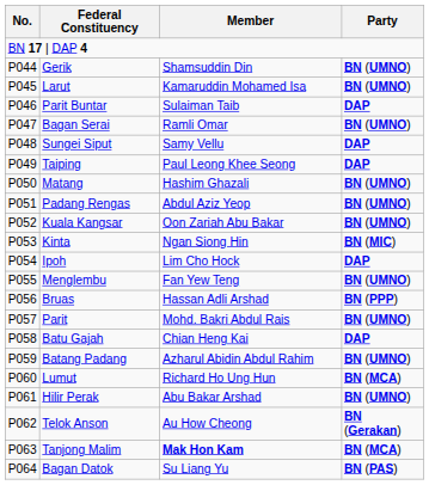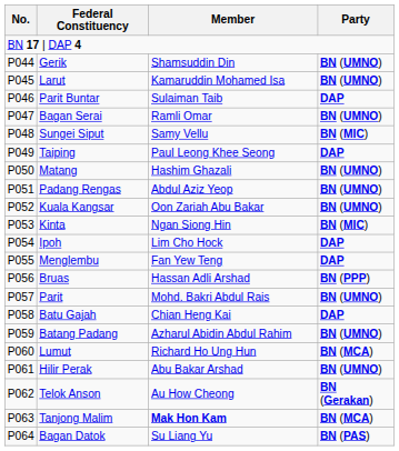 <table class="wikitable sortable">
 <tr>
 <th style="width:30px;">No.</th>
 <th style="width:150px;">Federal Constituency</th>
 <th style="width:230px;">Member</th>
 <th style="width:100px;">Party</th>
 </tr>
 <tr>
 <td colspan="4"><a href='#'>BN</a> <strong>17</strong> | <a href='#'>DAP</a> <strong>4</strong></td>
 </tr>
 <tr>
 <td>P044</td>
 <td><a href='#'>Gerik</a></td>
 <td><a href='#'>Shamsuddin Din</a></td>
 <td><strong><a href='#'>BN</a></strong> (<strong><a href='#'>UMNO</a></strong>)</td>
 </tr>
 <tr>
 <td>P045</td>
 <td><a href='#'>Larut</a></td>
 <td><a href='#'>Kamaruddin Mohamed Isa</a></td>
 <td><strong><a href='#'>BN</a></strong> (<strong><a href='#'>UMNO</a></strong>)</td>
 </tr>
 <tr>
 <td>P046</td>
 <td><a href='#'>Parit Buntar</a></td>
 <td><a href='#'>Sulaiman Taib</a></td>
 <td><strong><a href='#'>DAP</a></strong></td>
 </tr>
 <tr>
 <td>P047</td>
 <td><a href='#'>Bagan Serai</a></td>
 <td><a href='#'>Ramli Omar</a></td>
 <td><strong><a href='#'>BN</a></strong> (<strong><a href='#'>UMNO</a></strong>)</td>
 </tr>
 <tr>
 <td>P048</td>
 <td><a href='#'>Sungei Siput</a></td>
 <td><a href='#'>Samy Vellu</a></td>
-<td><strong><a href='#'>DAP</a></strong></td>
+<td><strong><a href='#'>BN</a></strong> (<strong><a href='#'>MIC</a></strong>)</td>
 </tr>
 <tr>
 <td>P049</td>
 <td><a href='#'>Taiping</a></td>
 <td><a href='#'>Paul Leong Khee Seong</a></td>
 <td><strong><a href='#'>DAP</a></strong></td>
 </tr>
 <tr>
 <td>P050</td>
 <td><a href='#'>Matang</a></td>
 <td><a href='#'>Hashim Ghazali</a></td>
 <td><strong><a href='#'>BN</a></strong> (<strong><a href='#'>UMNO</a></strong>)</td>
 </tr>
 <tr>
 <td>P051</td>
 <td><a href='#'>Padang Rengas</a></td>
 <td><a href='#'>Abdul Aziz Yeop</a></td>
 <td><strong><a href='#'>BN</a></strong> (<strong><a href='#'>UMNO</a></strong>)</td>
 </tr>
 <tr>
 <td>P052</td>
 <td><a href='#'>Kuala Kangsar</a></td>
 <td><a href='#'>Oon Zariah Abu Bakar</a></td>
 <td><strong><a href='#'>BN</a></strong> (<strong><a href='#'>UMNO</a></strong>)</td>
 </tr>
 <tr>
 <td>P053</td>
 <td><a href='#'>Kinta</a></td>
 <td><a href='#'>Ngan Siong Hin</a></td>
 <td><strong><a href='#'>BN</a></strong> (<strong><a href='#'>MIC</a></strong>)</td>
 </tr>
 <tr>
 <td>P054</td>
 <td><a href='#'>Ipoh</a></td>
 <td><a href='#'>Lim Cho Hock</a></td>
 <td><strong><a href='#'>DAP</a></strong></td>
 </tr>
 <tr>
 <td>P055</td>
 <td><a href='#'>Menglembu</a></td>
 <td><a href='#'>Fan Yew Teng</a></td>
-<td><strong><a href='#'>BN</a></strong> (<strong><a href='#'>UMNO</a></strong>)</td>
+<td><strong><a href='#'>DAP</a></strong></td>
 </tr>
 <tr>
 <td>P056</td>
 <td><a href='#'>Bruas</a></td>
 <td><a href='#'>Hassan Adli Arshad</a></td>
 <td><strong><a href='#'>BN</a></strong> (<strong><a href='#'>PPP</a></strong>)</td>
 </tr>
 <tr>
 <td>P057</td>
 <td><a href='#'>Parit</a></td>
 <td><a href='#'>Mohd. Bakri Abdul Rais</a></td>
 <td><strong><a href='#'>BN</a></strong> (<strong><a href='#'>UMNO</a></strong>)</td>
 </tr>
 <tr>
 <td>P058</td>
 <td><a href='#'>Batu Gajah</a></td>
 <td><a href='#'>Chian Heng Kai</a></td>
 <td><strong><a href='#'>DAP</a></strong></td>
 </tr>
 <tr>
 <td>P059</td>
 <td><a href='#'>Batang Padang</a></td>
 <td><a href='#'>Azharul Abidin Abdul Rahim</a></td>
 <td><strong><a href='#'>BN</a></strong> (<strong><a href='#'>UMNO</a></strong>)</td>
 </tr>
 <tr>
 <td>P060</td>
 <td><a href='#'>Lumut</a></td>
 <td><a href='#'>Richard Ho Ung Hun</a></td>
 <td><strong><a href='#'>BN</a></strong> (<strong><a href='#'>MCA</a></strong>)</td>
 </tr>
 <tr>
 <td>P061</td>
 <td><a href='#'>Hilir Perak</a></td>
 <td><a href='#'>Abu Bakar Arshad</a></td>
 <td><strong><a href='#'>BN</a></strong> (<strong><a href='#'>UMNO</a></strong>)</td>
 </tr>
 <tr>
 <td>P062</td>
 <td><a href='#'>Telok Anson</a></td>
 <td><a href='#'>Au How Cheong</a></td>
 <td><strong><a href='#'>BN</a></strong> (<strong><a href='#'>Gerakan</a></strong>)</td>
 </tr>
 <tr>
 <td>P063</td>
 <td><a href='#'>Tanjong Malim</a></td>
 <td><strong><a href='#'>Mak Hon Kam</a></strong></td>
 <td><strong><a href='#'>BN</a></strong> (<strong><a href='#'>MCA</a></strong>)</td>
 </tr>
 <tr>
 <td>P064</td>
 <td><a href='#'>Bagan Datok</a></td>
 <td><a href='#'>Su Liang Yu</a></td>
 <td><strong><a href='#'>BN</a></strong> (<strong><a href='#'>PAS</a></strong>)</td>
 </tr>
 </table>
